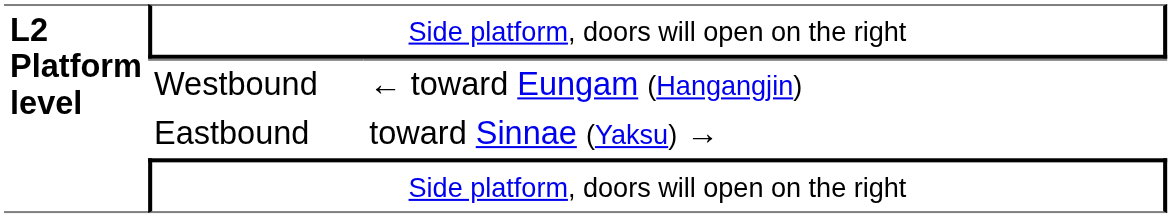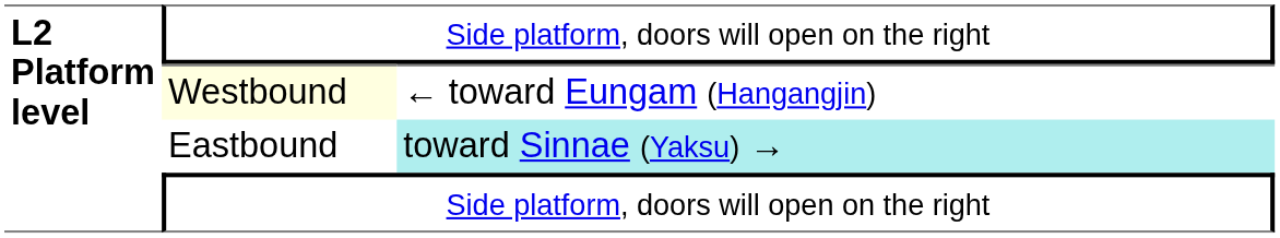 <table table border=0 cellspacing=0 cellpadding=3>
 <tr>
 <td style="border-top:solid 1px gray;border-bottom:solid 1px gray;" width=50 rowspan=10 valign=top><strong>L2<br>Platform level</strong></td>
 <td style="border-top:solid 1px gray;border-right:solid 2px black;border-left:solid 2px black;border-bottom:solid 2px black;text-align:center;" colspan=2><small><a href='#'>Side platform</a>, doors will open on the right </small></td>
 </tr>
 <tr>
-<td style="border-bottom:solid 0px gray;border-top:solid 1px gray;" width=100>Westbound</td>
+<td style="background: lightyellow; border-bottom:solid 0px gray;border-top:solid 1px gray;" width=100>Westbound</td>
 <td style="border-bottom:solid 0px gray;border-top:solid 1px gray;" width=390>←  toward <a href='#'>Eungam</a> <small>(<a href='#'>Hangangjin</a>)</small></td>
 </tr>
 <tr>
 <td>Eastbound</td>
-<td>  toward <a href='#'>Sinnae</a> <small>(<a href='#'>Yaksu</a>)</small> →</td>
+<td style="background: paleturquoise;">  toward <a href='#'>Sinnae</a> <small>(<a href='#'>Yaksu</a>)</small> →</td>
 </tr>
 <tr>
 <td style="border-top:solid 2px black;border-right:solid 2px black;border-left:solid 2px black;border-bottom:solid 1px gray;text-align:center;" colspan=2><small><a href='#'>Side platform</a>, doors will open on the right </small></td>
 </tr>
 </table>
